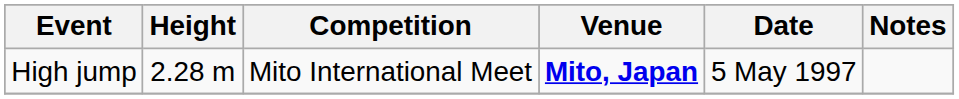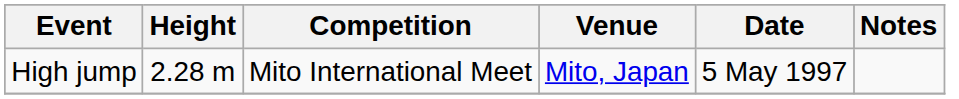 <table class="wikitable" style=text-align:center>
 <tr>
 <th>Event</th>
 <th>Height</th>
 <th>Competition</th>
 <th>Venue</th>
 <th>Date</th>
 <th>Notes</th>
 </tr>
 <tr>
 <td>High jump</td>
 <td>2.28 m</td>
 <td>Mito International Meet</td>
-<td><strong><a href='#'>Mito, Japan</a></strong></td>
+<td><a href='#'>Mito, Japan</a></td>
 <td>5 May 1997</td>
 <td></td>
 </tr>
 <tr>
 </tr>
 </table>
